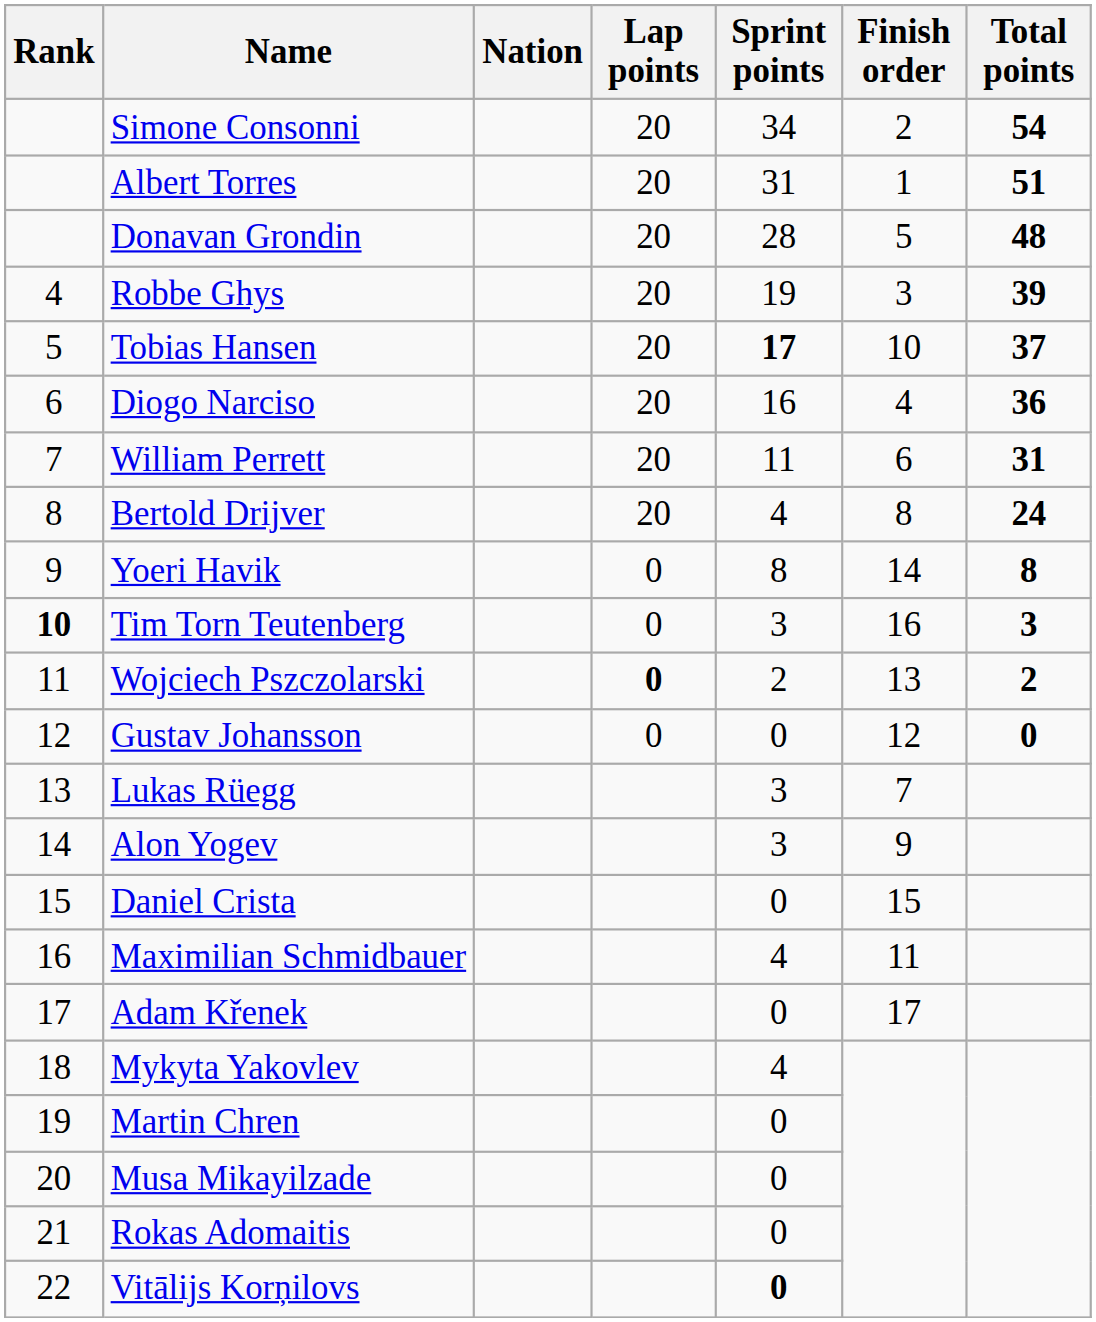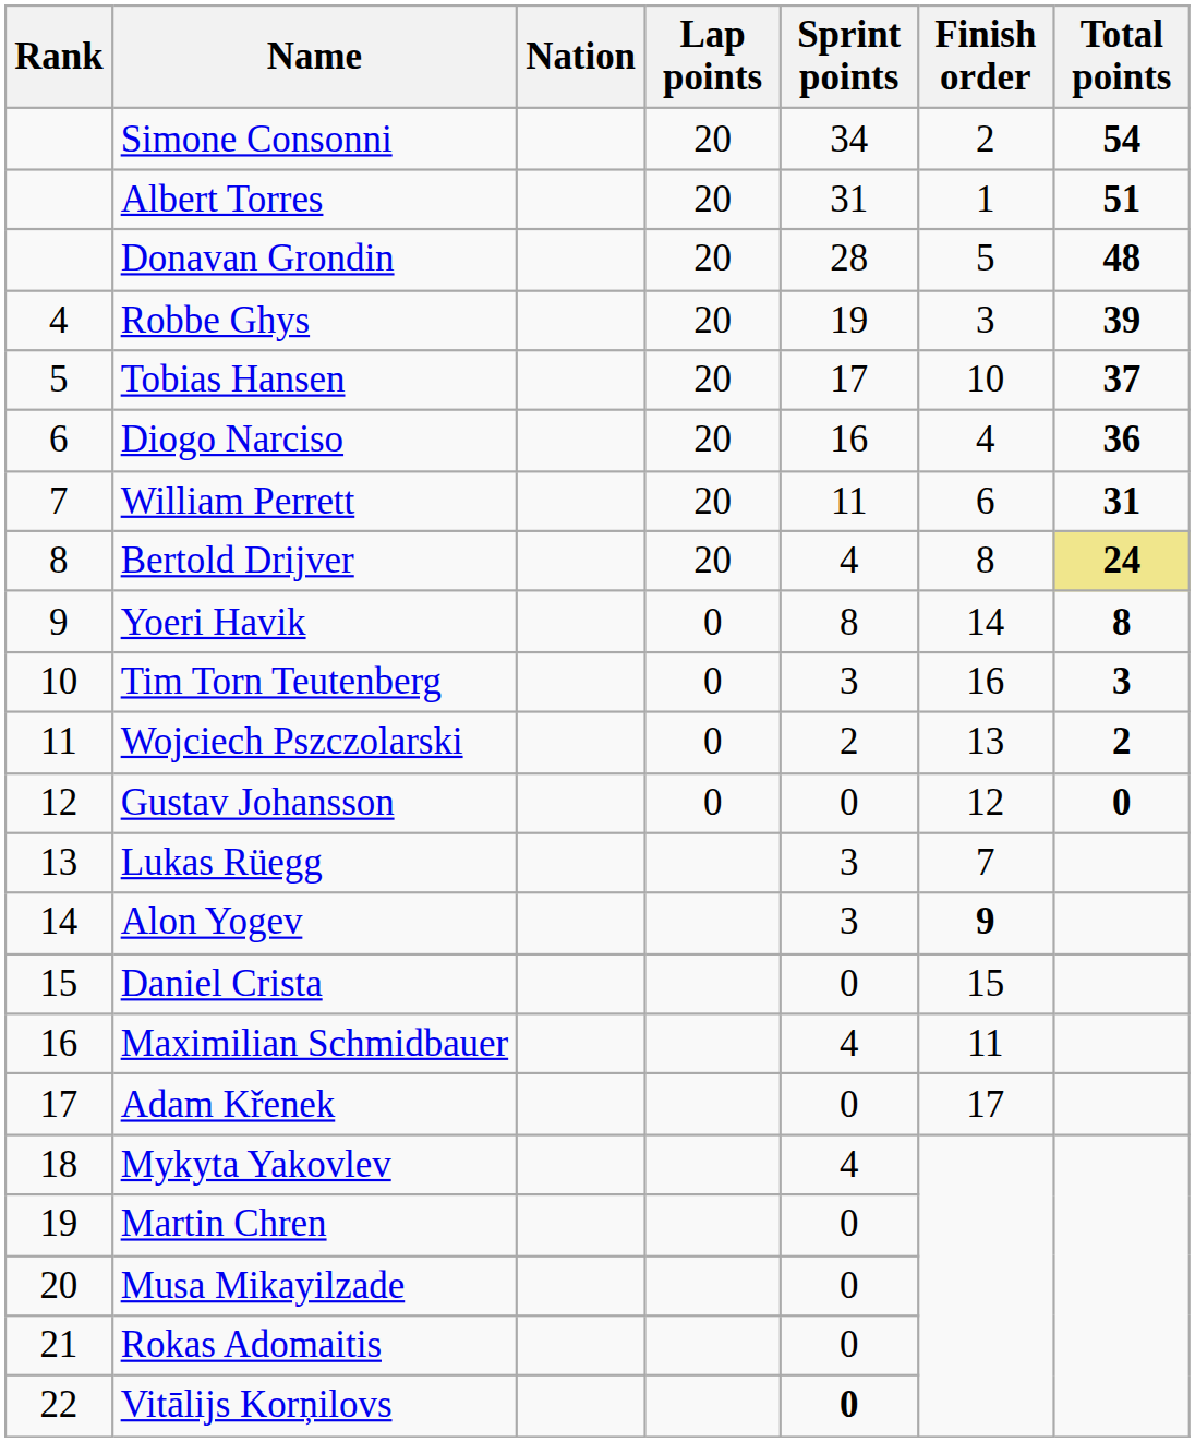 <table class="wikitable sortable" style="text-align:center">
 <tr>
 <th>Rank</th>
 <th>Name</th>
 <th>Nation</th>
 <th width=50>Lap points</th>
 <th width=50>Sprint points</th>
 <th width=50>Finish order</th>
 <th width=50>Total points</th>
 </tr>
 <tr>
 <td></td>
 <td align=left><a href='#'>Simone Consonni</a></td>
 <td align=left></td>
 <td>20</td>
 <td>34</td>
 <td>2</td>
 <td><strong>54</strong></td>
 </tr>
 <tr>
 <td></td>
 <td align=left><a href='#'>Albert Torres</a></td>
 <td align=left></td>
 <td>20</td>
 <td>31</td>
 <td>1</td>
 <td><strong>51</strong></td>
 </tr>
 <tr>
 <td></td>
 <td align=left><a href='#'>Donavan Grondin</a></td>
 <td align=left></td>
 <td>20</td>
 <td>28</td>
 <td>5</td>
 <td><strong>48</strong></td>
 </tr>
 <tr>
 <td>4</td>
 <td align=left><a href='#'>Robbe Ghys</a></td>
 <td align=left></td>
 <td>20</td>
 <td>19</td>
 <td>3</td>
 <td><strong>39</strong></td>
 </tr>
 <tr>
 <td>5</td>
 <td align=left><a href='#'>Tobias Hansen</a></td>
 <td align=left></td>
 <td>20</td>
-<td><strong>17</strong></td>
+<td>17</td>
 <td>10</td>
 <td><strong>37</strong></td>
 </tr>
 <tr>
 <td>6</td>
 <td align=left><a href='#'>Diogo Narciso</a></td>
 <td align=left></td>
 <td>20</td>
 <td>16</td>
 <td>4</td>
 <td><strong>36</strong></td>
 </tr>
 <tr>
 <td>7</td>
 <td align=left><a href='#'>William Perrett</a></td>
 <td align=left></td>
 <td>20</td>
 <td>11</td>
 <td>6</td>
 <td><strong>31</strong></td>
 </tr>
 <tr>
 <td>8</td>
 <td align=left><a href='#'>Bertold Drijver</a></td>
 <td align=left></td>
 <td>20</td>
 <td>4</td>
 <td>8</td>
-<td><strong>24</strong></td>
+<td style="background: khaki;"><strong>24</strong></td>
 </tr>
 <tr>
 <td>9</td>
 <td align=left><a href='#'>Yoeri Havik</a></td>
 <td align=left></td>
 <td>0</td>
 <td>8</td>
 <td>14</td>
 <td><strong>8</strong></td>
 </tr>
 <tr>
-<td><strong>10</strong></td>
+<td>10</td>
 <td align=left><a href='#'>Tim Torn Teutenberg</a></td>
 <td align=left></td>
 <td>0</td>
 <td>3</td>
 <td>16</td>
 <td><strong>3</strong></td>
 </tr>
 <tr>
 <td>11</td>
 <td align=left><a href='#'>Wojciech Pszczolarski</a></td>
 <td align=left></td>
-<td><strong>0</strong></td>
+<td>0</td>
 <td>2</td>
 <td>13</td>
 <td><strong>2</strong></td>
 </tr>
 <tr>
 <td>12</td>
 <td align=left><a href='#'>Gustav Johansson</a></td>
 <td align=left></td>
 <td>0</td>
 <td>0</td>
 <td>12</td>
 <td><strong>0</strong></td>
 </tr>
 <tr>
 <td>13</td>
 <td align=left><a href='#'>Lukas Rüegg</a></td>
 <td align=left></td>
 <td></td>
 <td>3</td>
 <td>7</td>
 <td><strong></strong></td>
 </tr>
 <tr>
 <td>14</td>
 <td align=left><a href='#'>Alon Yogev</a></td>
 <td align=left></td>
 <td></td>
 <td>3</td>
-<td>9</td>
+<td><strong>9</strong></td>
 <td><strong></strong></td>
 </tr>
 <tr>
 <td>15</td>
 <td align=left><a href='#'>Daniel Crista</a></td>
 <td align=left></td>
 <td></td>
 <td>0</td>
 <td>15</td>
 <td><strong></strong></td>
 </tr>
 <tr>
 <td>16</td>
 <td align=left><a href='#'>Maximilian Schmidbauer</a></td>
 <td align=left></td>
 <td></td>
 <td>4</td>
 <td>11</td>
 <td><strong></strong></td>
 </tr>
 <tr>
 <td>17</td>
 <td align=left><a href='#'>Adam Křenek</a></td>
 <td align=left></td>
 <td></td>
 <td>0</td>
 <td>17</td>
 <td><strong></strong></td>
 </tr>
 <tr>
 <td>18</td>
 <td align=left><a href='#'>Mykyta Yakovlev</a></td>
 <td align=left></td>
 <td></td>
 <td>4</td>
 <td rowspan=5></td>
 <td rowspan=5></td>
 </tr>
 <tr>
 <td>19</td>
 <td align=left><a href='#'>Martin Chren</a></td>
 <td align=left></td>
 <td></td>
 <td>0</td>
 </tr>
 <tr>
 <td>20</td>
 <td align=left><a href='#'>Musa Mikayilzade</a></td>
 <td align=left></td>
 <td></td>
 <td>0</td>
 </tr>
 <tr>
 <td>21</td>
 <td align=left><a href='#'>Rokas Adomaitis</a></td>
 <td align=left></td>
 <td></td>
 <td>0</td>
 </tr>
 <tr>
 <td>22</td>
 <td align=left><a href='#'>Vitālijs Korņilovs</a></td>
 <td align=left></td>
 <td></td>
 <td><strong>0</strong></td>
 </tr>
 </table>
